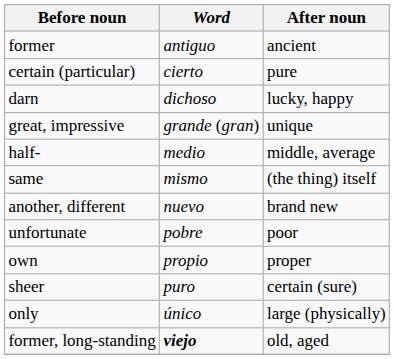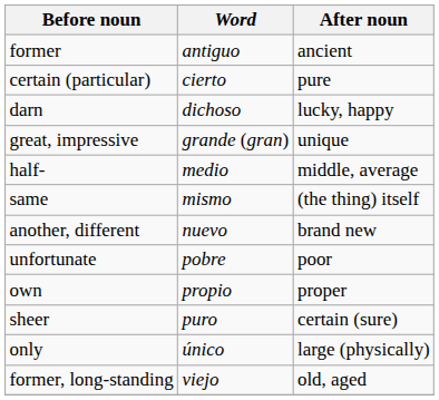 <table class="wikitable">
 <tr>
 <th>Before noun</th>
 <th><em>Word</em></th>
 <th>After noun</th>
 </tr>
 <tr>
 <td>former</td>
 <td><em>antiguo</em></td>
 <td>ancient</td>
 </tr>
 <tr>
 <td>certain (particular)</td>
 <td><em>cierto</em></td>
 <td>pure</td>
 </tr>
 <tr>
 <td>darn</td>
 <td><em>dichoso</em></td>
 <td>lucky, happy</td>
 </tr>
 <tr>
 <td>great, impressive</td>
 <td><em>grande</em> (<em>gran</em>)</td>
 <td>unique</td>
 </tr>
 <tr>
 <td>half-</td>
 <td><em>medio</em></td>
 <td>middle, average</td>
 </tr>
 <tr>
 <td>same</td>
 <td><em>mismo</em></td>
 <td>(the thing) itself</td>
 </tr>
 <tr>
 <td>another, different</td>
 <td><em>nuevo</em></td>
 <td>brand new</td>
 </tr>
 <tr>
 <td>unfortunate</td>
 <td><em>pobre</em></td>
 <td>poor</td>
 </tr>
 <tr>
 <td>own</td>
 <td><em>propio</em></td>
 <td>proper</td>
 </tr>
 <tr>
 <td>sheer</td>
 <td><em>puro</em></td>
 <td>certain (sure)</td>
 </tr>
 <tr>
 <td>only</td>
 <td><em>único</em></td>
 <td>large (physically)</td>
 </tr>
 <tr>
 <td>former, long-standing</td>
-<td><strong><em>viejo</em></strong></td>
+<td><em>viejo</em></td>
 <td>old, aged</td>
 </tr>
 <tr>
 </tr>
 </table>
